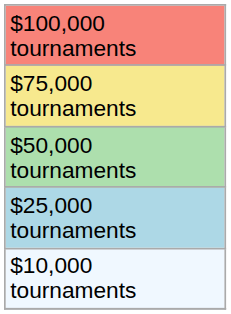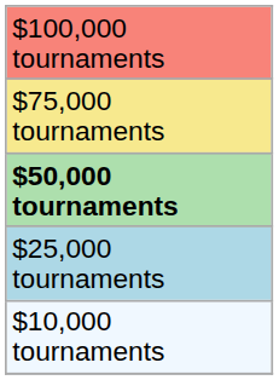 <table class="wikitable"  style="font-size:85%; width:15%;">
 <tr style="background:#f88379;">
 <td>$100,000 tournaments</td>
 </tr>
 <tr style="background:#f7e98e;">
 <td>$75,000 tournaments</td>
 </tr>
 <tr style="background:#addfad;">
-<td>$50,000 tournaments</td>
+<td><strong>$50,000 tournaments</strong></td>
 </tr>
 <tr style="background:lightblue;">
 <td>$25,000 tournaments</td>
 </tr>
 <tr style="background:#f0f8ff;">
 <td>$10,000 tournaments</td>
 </tr>
 <tr style="background:#efefef;">
 </tr>
 </table>
